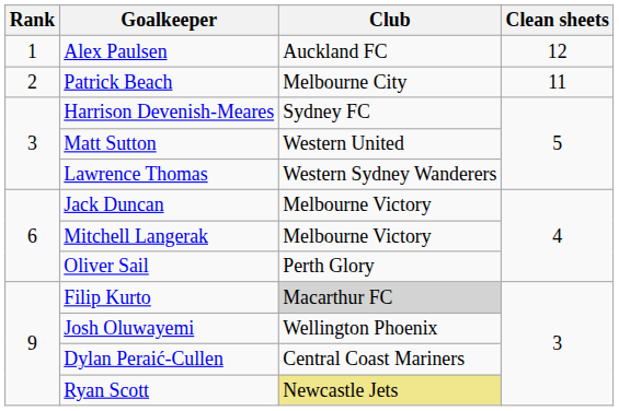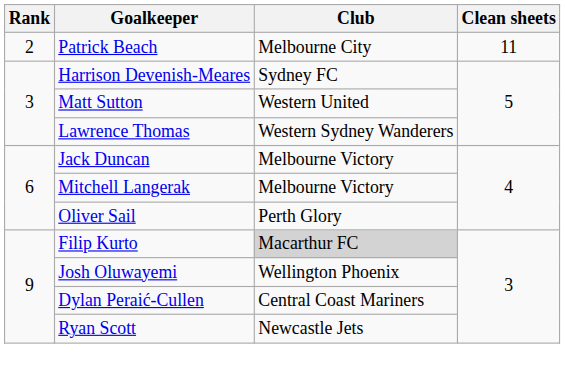 <table class="wikitable sortable" style="text-align:center;">
 <tr>
 <th>Rank</th>
 <th>Goalkeeper</th>
 <th>Club</th>
 <th>Clean sheets</th>
-</tr>
-<tr>
-<td>1</td>
-<td align=left data-sort-value="Paulsen, Alex"> <a href='#'>Alex Paulsen</a></td>
-<td align=left>Auckland FC</td>
-<td>12</td>
 </tr>
 <tr>
 <td>2</td>
 <td align=left data-sort-value="Beach, Patrick"> <a href='#'>Patrick Beach</a></td>
 <td align=left>Melbourne City</td>
 <td>11</td>
 </tr>
 <tr>
 <td rowspan=3>3</td>
 <td align=left data-sort-value="Devenish-Meares, Harrison"> <a href='#'>Harrison Devenish-Meares</a></td>
 <td align=left>Sydney FC</td>
 <td rowspan=3>5</td>
 </tr>
 <tr>
 <td align=left data-sort-value="Sutton, Matt"> <a href='#'>Matt Sutton</a></td>
 <td align="left">Western United</td>
 </tr>
 <tr>
 <td align=left data-sort-value="Thomas, Lawrence"> <a href='#'>Lawrence Thomas</a></td>
 <td align=left>Western Sydney Wanderers</td>
 </tr>
 <tr>
 <td rowspan=3>6</td>
 <td align=left data-sort-value="Duncan, Jack"> <a href='#'>Jack Duncan</a></td>
 <td align=left>Melbourne Victory</td>
 <td rowspan=3>4</td>
 </tr>
 <tr>
 <td align=left data-sort-value="Langerak, Mitchell"> <a href='#'>Mitchell Langerak</a></td>
 <td align=left>Melbourne Victory</td>
 </tr>
 <tr>
 <td align=left data-sort-value="Sail, Oliver"> <a href='#'>Oliver Sail</a></td>
 <td align=left>Perth Glory</td>
 </tr>
 <tr>
 <td rowspan=4>9</td>
 <td align=left data-sort-value="Kurto, Filip"> <a href='#'>Filip Kurto</a></td>
 <td align=left style="background: lightgrey;">Macarthur FC</td>
 <td rowspan=4>3</td>
 </tr>
 <tr>
 <td align=left data-sort-value="Oluwayemi, Josh"> <a href='#'>Josh Oluwayemi</a></td>
 <td align=left>Wellington Phoenix</td>
 </tr>
 <tr>
 <td align=left data-sort-value="Peraić-Cullen, Dylan"> <a href='#'>Dylan Peraić-Cullen</a></td>
 <td align=left>Central Coast Mariners</td>
 </tr>
 <tr>
 <td align=left data-sort-value="Scott, Ryan"> <a href='#'>Ryan Scott</a></td>
-<td align=left style="background: khaki;">Newcastle Jets</td>
+<td align=left>Newcastle Jets</td>
 </tr>
 </table>
